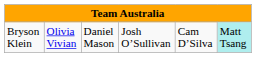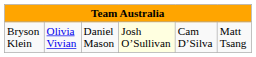 <table class="wikitable" style="width:40%; text-align=center;">
 <tr>
 <th colspan="6" style="background:orange;">Team Australia</th>
 </tr>
 <tr>
 <td style="width:10%;">Bryson Klein</td>
 <td style="width:10%;"><a href='#'>Olivia Vivian</a></td>
 <td style="width:10%;">Daniel Mason</td>
-<td style="width:10%;">Josh O’Sullivan</td>
+<td style="background: lightyellow; width:10%;">Josh O’Sullivan</td>
 <td style="width:10%;">Cam D’Silva</td>
-<td style="background: paleturquoise; width:10%;">Matt Tsang</td>
+<td style="width:10%;">Matt Tsang</td>
 </tr>
 </table>
